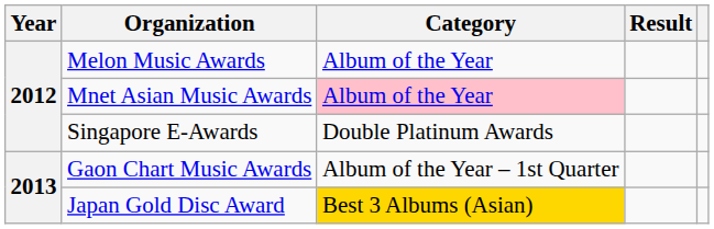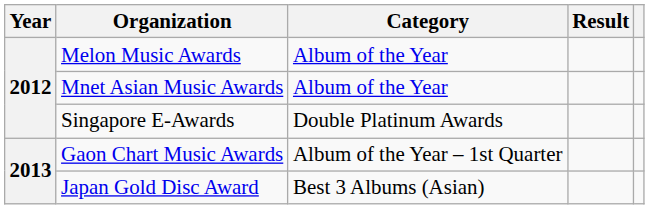 <table class="wikitable plainrowheaders">
 <tr>
 <th>Year</th>
 <th>Organization</th>
 <th>Category</th>
 <th>Result</th>
 <th class="unsortable"></th>
 </tr>
 <tr>
 <th scope="row" rowspan="3">2012</th>
 <td><a href='#'>Melon Music Awards</a></td>
 <td><a href='#'>Album of the Year</a></td>
 <td></td>
 <td align="center"></td>
 </tr>
 <tr>
 <td><a href='#'>Mnet Asian Music Awards</a></td>
-<td style="background: pink;"><a href='#'>Album of the Year</a></td>
+<td><a href='#'>Album of the Year</a></td>
 <td></td>
 <td align="center"></td>
 </tr>
 <tr>
 <td>Singapore E-Awards</td>
 <td>Double Platinum Awards</td>
 <td></td>
 <td align="center"></td>
 </tr>
 <tr>
 <th scope="row" rowspan="2">2013</th>
 <td><a href='#'>Gaon Chart Music Awards</a></td>
 <td>Album of the Year – 1st Quarter</td>
 <td></td>
 <td align="center"></td>
 </tr>
 <tr>
 <td><a href='#'>Japan Gold Disc Award</a></td>
-<td style="background: gold;">Best 3 Albums (Asian)</td>
+<td>Best 3 Albums (Asian)</td>
 <td></td>
 <td align="center"></td>
 </tr>
 </table>
